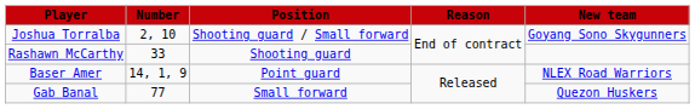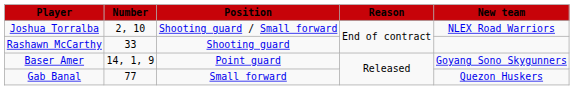 <table class="wikitable sortable sortable">
 <tr>
 <th style="background:#C70309; color:#000000; ">Player</th>
 <th style="background:#C70309; color:#000000; ">Number</th>
 <th style="background:#C70309; color:#000000; ">Position</th>
 <th style="background:#C70309; color:#000000; ">Reason</th>
 <th style="background:#C70309; color:#000000; ">New team</th>
 </tr>
 <tr style="text-align: center">
 <td><a href='#'>Joshua Torralba</a></td>
 <td>2, 10</td>
 <td><a href='#'>Shooting guard</a> / <a href='#'>Small forward</a></td>
 <td rowspan=2>End of contract</td>
-<td><a href='#'>Goyang Sono Skygunners</a> </td>
+<td><a href='#'>NLEX Road Warriors</a></td>
 </tr>
 <tr style="text-align: center">
 <td><a href='#'>Rashawn McCarthy</a></td>
 <td>33</td>
 <td><a href='#'>Shooting guard</a></td>
 <td></td>
 </tr>
 <tr style="text-align: center">
 <td><a href='#'>Baser Amer</a></td>
 <td>14, 1, 9</td>
 <td><a href='#'>Point guard</a></td>
 <td rowspan=2>Released</td>
-<td><a href='#'>NLEX Road Warriors</a></td>
+<td><a href='#'>Goyang Sono Skygunners</a> </td>
 </tr>
 <tr style="text-align: center">
 <td><a href='#'>Gab Banal</a></td>
 <td>77</td>
 <td><a href='#'>Small forward</a></td>
 <td><a href='#'>Quezon Huskers</a> </td>
 </tr>
 </table>
